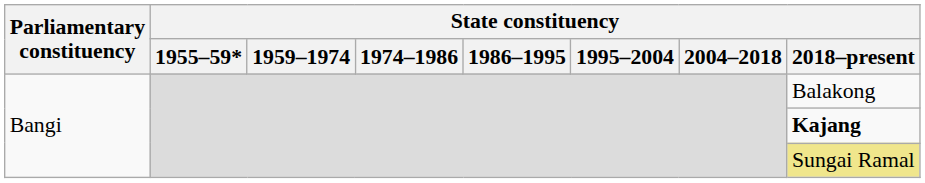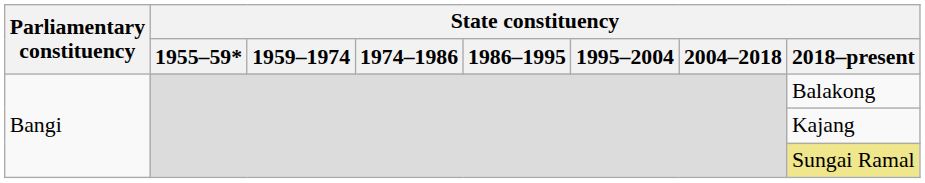 <table class="wikitable">
 <tr>
 <th rowspan="2">Parliamentary<br>constituency</th>
 <th colspan="7">State constituency</th>
 </tr>
 <tr>
 <th>1955–59*</th>
 <th>1959–1974</th>
 <th>1974–1986</th>
 <th>1986–1995</th>
 <th>1995–2004</th>
 <th>2004–2018</th>
 <th>2018–present</th>
 </tr>
 <tr>
 <td rowspan="3">Bangi</td>
 <td colspan="6" rowspan="3" bgcolor="dcdcdc"></td>
 <td>Balakong</td>
 </tr>
 <tr>
-<td><strong>Kajang</strong></td>
+<td>Kajang</td>
 </tr>
 <tr>
 <td style="background: khaki;">Sungai Ramal</td>
 </tr>
 </table>
